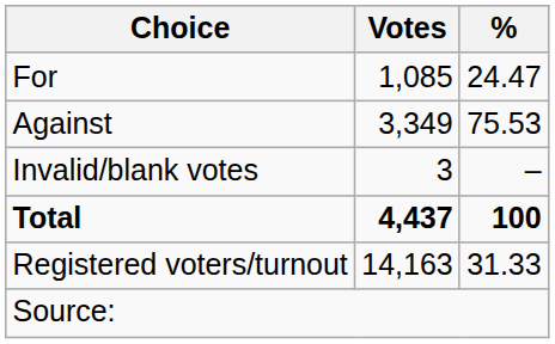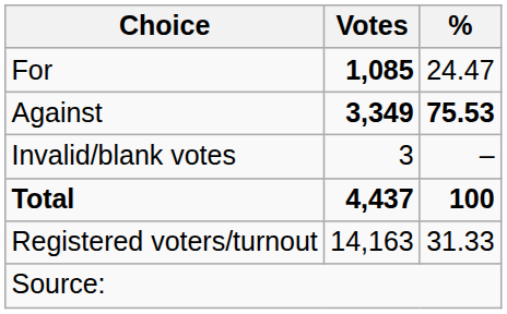 <table class=wikitable style=text-align:right>
 <tr>
 <th>Choice</th>
 <th>Votes</th>
 <th>%</th>
 </tr>
 <tr>
 <td align=left>For</td>
-<td>1,085</td>
+<td><strong>1,085</strong></td>
 <td>24.47</td>
 </tr>
 <tr>
 <td align=left>Against</td>
-<td>3,349</td>
-<td>75.53</td>
+<td><strong>3,349</strong></td>
+<td><strong>75.53</strong></td>
 </tr>
 <tr>
 <td align=left>Invalid/blank votes</td>
 <td>3</td>
 <td>–</td>
 </tr>
 <tr>
 <td align=left><strong>Total</strong></td>
 <td><strong>4,437</strong></td>
 <td><strong>100</strong></td>
 </tr>
 <tr>
 <td align=left>Registered voters/turnout</td>
 <td>14,163</td>
 <td>31.33</td>
 </tr>
 <tr>
 <td colspan=3 align=left>Source: </td>
 </tr>
 </table>
